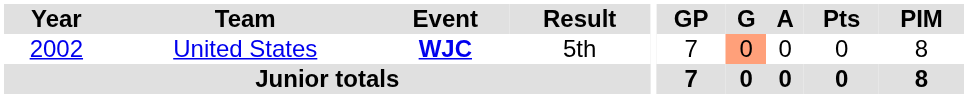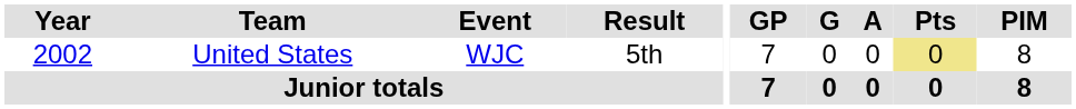 <table border="0" cellpadding="1" cellspacing="0" ID="Table3" style="text-align:center; width:40em">
 <tr ALIGN="center" bgcolor="#e0e0e0">
 <th>Year</th>
 <th>Team</th>
 <th>Event</th>
 <th>Result</th>
 <th rowspan="99" bgcolor="#ffffff"></th>
 <th>GP</th>
 <th>G</th>
 <th>A</th>
 <th>Pts</th>
 <th>PIM</th>
 </tr>
 <tr>
 <td><a href='#'>2002</a></td>
 <td><a href='#'>United States</a></td>
-<td><strong><a href='#'>WJC</a></strong></td>
+<td><a href='#'>WJC</a></td>
 <td>5th</td>
 <td>7</td>
-<td style="background: lightsalmon;">0</td>
 <td>0</td>
 <td>0</td>
+<td style="background: khaki;">0</td>
 <td>8</td>
 </tr>
 <tr bgcolor="#e0e0e0">
 <th colspan="4">Junior totals</th>
 <th>7</th>
 <th>0</th>
 <th>0</th>
 <th>0</th>
 <th>8</th>
 </tr>
 </table>
